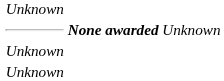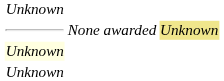 <table>
 <tr>
 <th scope=row style="text-align:left"></th>
 <td><em>Unknown</em></td>
 <td></td>
 <td></td>
 </tr>
 <tr>
 <th scope=row style="text-align:left"></th>
 <td><hr></td>
-<td><strong><em>None awarded</em></strong></td>
-<td><em>Unknown</em></td>
+<td><em>None awarded</em></td>
+<td style="background: khaki;"><em>Unknown</em></td>
 </tr>
 <tr>
 <th scope=row style="text-align:left"></th>
-<td><em>Unknown</em></td>
+<td style="background: lightyellow;"><em>Unknown</em></td>
 <td></td>
 <td></td>
 </tr>
 <tr>
 <th scope=row style="text-align:left"></th>
 <td><em>Unknown</em></td>
 <td></td>
 <td></td>
 </tr>
 </table>
